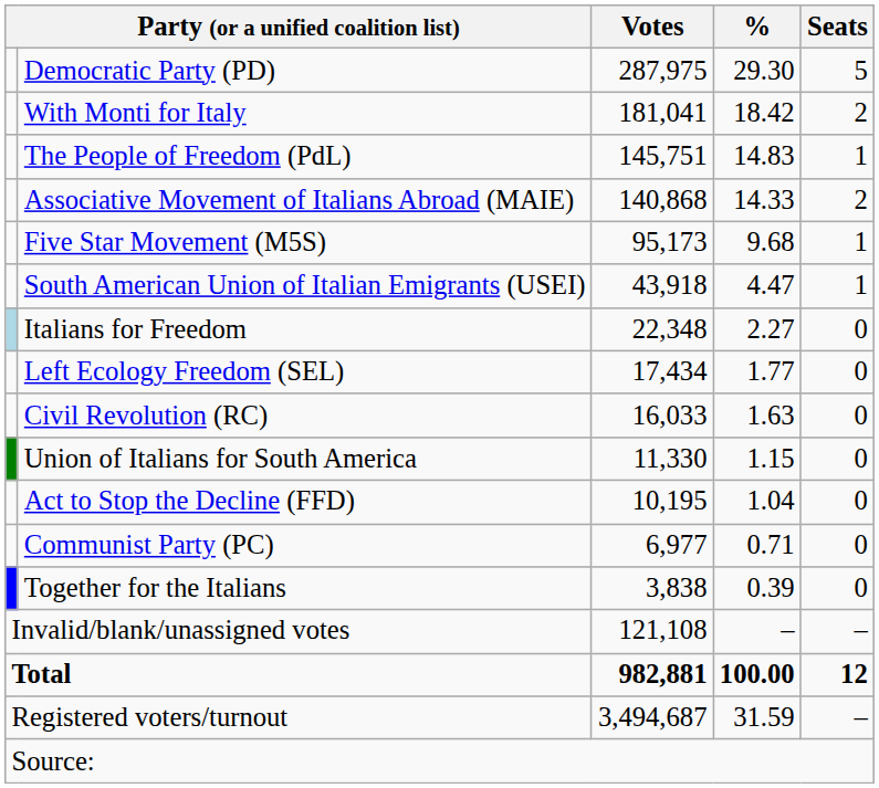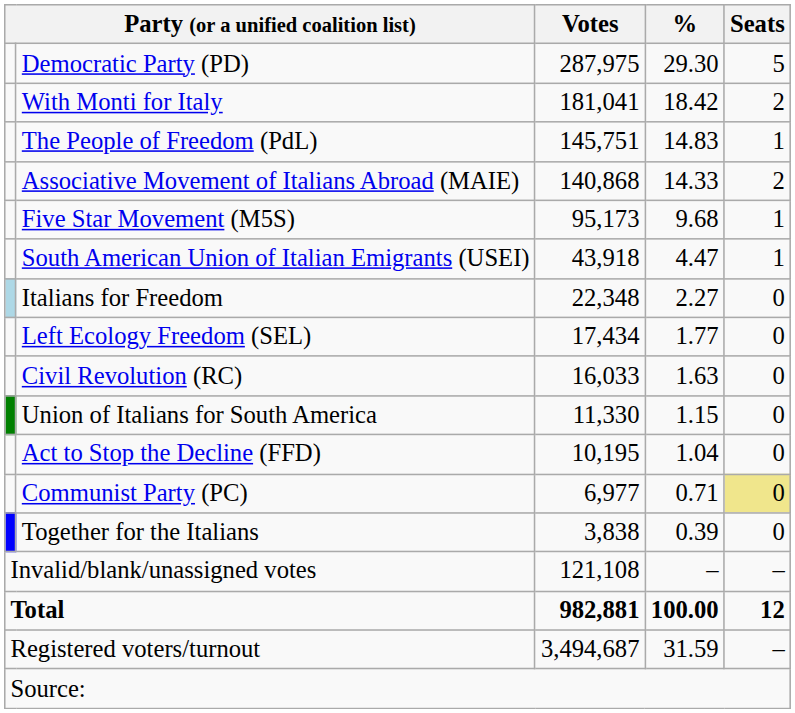 <table class=wikitable style="text-align:right">
 <tr>
 <th colspan=2>Party <small>(or a unified coalition list)</small></th>
 <th>Votes</th>
 <th>%</th>
 <th>Seats</th>
 </tr>
 <tr>
 <td></td>
 <td align=left><a href='#'>Democratic Party</a> (PD)</td>
 <td>287,975</td>
 <td>29.30</td>
 <td>5</td>
 </tr>
 <tr>
 <td></td>
 <td align=left><a href='#'>With Monti for Italy</a></td>
 <td>181,041</td>
 <td>18.42</td>
 <td>2</td>
 </tr>
 <tr>
 <td></td>
 <td align=left><a href='#'>The People of Freedom</a> (PdL)</td>
 <td>145,751</td>
 <td>14.83</td>
 <td>1</td>
 </tr>
 <tr>
 <td></td>
 <td align=left><a href='#'>Associative Movement of Italians Abroad</a> (MAIE)</td>
 <td>140,868</td>
 <td>14.33</td>
 <td>2</td>
 </tr>
 <tr>
 <td></td>
 <td align=left><a href='#'>Five Star Movement</a> (M5S)</td>
 <td>95,173</td>
 <td>9.68</td>
 <td>1</td>
 </tr>
 <tr>
 <td></td>
 <td align=left><a href='#'>South American Union of Italian Emigrants</a> (USEI)</td>
 <td>43,918</td>
 <td>4.47</td>
 <td>1</td>
 </tr>
 <tr>
 <td style="background:lightblue;"></td>
 <td align=left>Italians for Freedom</td>
 <td>22,348</td>
 <td>2.27</td>
 <td>0</td>
 </tr>
 <tr>
 <td></td>
 <td align=left><a href='#'>Left Ecology Freedom</a> (SEL)</td>
 <td>17,434</td>
 <td>1.77</td>
 <td>0</td>
 </tr>
 <tr>
 <td style="background:"></td>
 <td align=left><a href='#'>Civil Revolution</a> (RC)</td>
 <td>16,033</td>
 <td>1.63</td>
 <td>0</td>
 </tr>
 <tr>
 <td style="background:green;"></td>
 <td align=left>Union of Italians for South America</td>
 <td>11,330</td>
 <td>1.15</td>
 <td>0</td>
 </tr>
 <tr>
 <td style="background-color:"></td>
 <td align=left><a href='#'>Act to Stop the Decline</a> (FFD)</td>
 <td>10,195</td>
 <td>1.04</td>
 <td>0</td>
 </tr>
 <tr>
 <td style="background:"></td>
 <td align=left><a href='#'>Communist Party</a> (PC)</td>
 <td>6,977</td>
 <td>0.71</td>
-<td>0</td>
+<td style="background: khaki;">0</td>
 </tr>
 <tr>
 <td style="background:blue;"></td>
 <td align=left>Together for the Italians</td>
 <td>3,838</td>
 <td>0.39</td>
 <td>0</td>
 </tr>
 <tr>
 <td style="text-align:left;" colspan="2">Invalid/blank/unassigned votes</td>
 <td>121,108</td>
 <td>–</td>
 <td>–</td>
 </tr>
 <tr>
 <td style="text-align:left;" colspan="2"><strong>Total</strong></td>
 <td><strong>982,881</strong></td>
 <td><strong>100.00</strong></td>
 <td><strong>12</strong></td>
 </tr>
 <tr>
 <td style="text-align:left;" colspan="2">Registered voters/turnout</td>
 <td>3,494,687</td>
 <td>31.59</td>
 <td>–</td>
 </tr>
 <tr>
 <td style="text-align:left;" colspan="7">Source: </td>
 </tr>
 </table>
